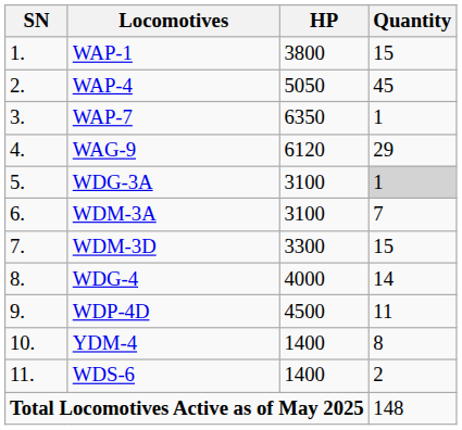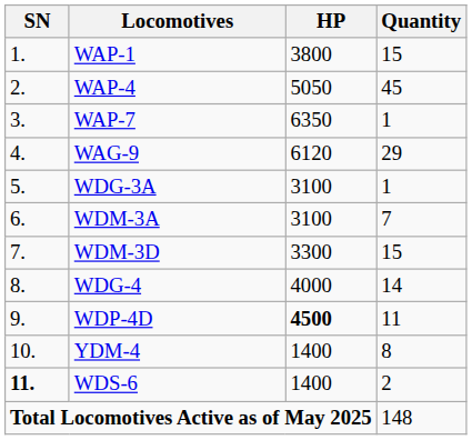 <table class="wikitable">
 <tr>
 <th>SN</th>
 <th>Locomotives</th>
 <th>HP</th>
 <th>Quantity</th>
 </tr>
 <tr>
 <td>1.</td>
 <td><a href='#'>WAP-1</a></td>
 <td>3800</td>
 <td>15</td>
 </tr>
 <tr>
 <td>2.</td>
 <td><a href='#'>WAP-4</a></td>
 <td>5050</td>
 <td>45</td>
 </tr>
 <tr>
 <td>3.</td>
 <td><a href='#'>WAP-7</a></td>
 <td>6350</td>
 <td>1</td>
 </tr>
 <tr>
 <td>4.</td>
 <td><a href='#'>WAG-9</a></td>
 <td>6120</td>
 <td>29</td>
 </tr>
 <tr>
 <td>5.</td>
 <td><a href='#'>WDG-3A</a></td>
 <td>3100</td>
-<td style="background: lightgrey;">1</td>
+<td>1</td>
 </tr>
 <tr>
 <td>6.</td>
 <td><a href='#'>WDM-3A</a></td>
 <td>3100</td>
 <td>7</td>
 </tr>
 <tr>
 <td>7.</td>
 <td><a href='#'>WDM-3D</a></td>
 <td>3300</td>
 <td>15</td>
 </tr>
 <tr>
 <td>8.</td>
 <td><a href='#'>WDG-4</a></td>
 <td>4000</td>
 <td>14</td>
 </tr>
 <tr>
 <td>9.</td>
 <td><a href='#'>WDP-4D</a></td>
-<td>4500</td>
+<td><strong>4500</strong></td>
 <td>11</td>
 </tr>
 <tr>
 <td>10.</td>
 <td><a href='#'>YDM-4</a></td>
 <td>1400</td>
 <td>8</td>
 </tr>
 <tr>
-<td>11.</td>
+<td><strong>11.</strong></td>
 <td><a href='#'>WDS-6</a></td>
 <td>1400</td>
 <td>2</td>
 </tr>
 <tr>
 <td colspan="3"><strong>Total Locomotives Active as of May 2025</strong></td>
 <td>148</td>
 </tr>
 </table>
